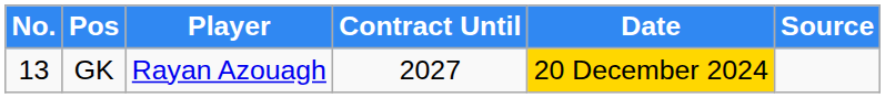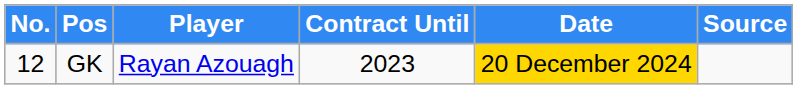 <table class="wikitable plainrowheaders sortable">
 <tr>
 <th style="background:#3088f2; color:#ffffff; ">No.</th>
 <th style="background:#3088f2; color:#ffffff; ">Pos</th>
 <th style="background:#3088f2; color:#ffffff; ">Player</th>
 <th style="background:#3088f2; color:#ffffff; ">Contract Until</th>
 <th style="background:#3088f2; color:#ffffff; ">Date</th>
 <th style="background:#3088f2; color:#ffffff; ">Source</th>
 </tr>
 <tr>
-<td style="text-align:center;">13</td>
+<td style="text-align:center;">12</td>
 <td style="text-align:center;">GK</td>
 <td> <a href='#'>Rayan Azouagh</a></td>
-<td style="text-align:center;">2027</td>
+<td style="text-align:center;">2023</td>
 <td style="background: gold;">20 December 2024</td>
 <td style="text-align:center;"></td>
 </tr>
 </table>
